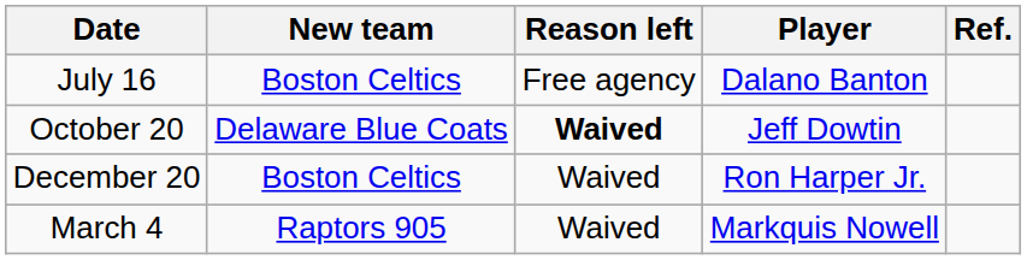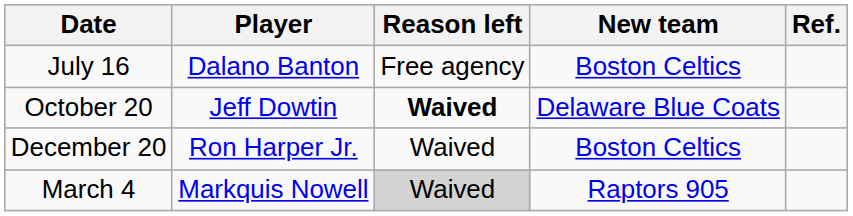 <table class="wikitable sortable sortable" style="text-align: center">
 <tr>
 <th>Date</th>
+<th>Player</th>
+<th>Reason left</th>
 <th>New team</th>
-<th>Reason left</th>
-<th>Player</th>
 <th>Ref.</th>
 </tr>
 <tr>
 <td>July 16</td>
+<td><a href='#'>Dalano Banton</a></td>
+<td>Free agency</td>
 <td><a href='#'>Boston Celtics</a></td>
-<td>Free agency</td>
-<td><a href='#'>Dalano Banton</a></td>
 <td></td>
 </tr>
 <tr>
 <td>October 20</td>
+<td><a href='#'>Jeff Dowtin</a></td>
+<td><strong>Waived</strong></td>
 <td><a href='#'>Delaware Blue Coats</a></td>
-<td><strong>Waived</strong></td>
-<td><a href='#'>Jeff Dowtin</a></td>
 <td></td>
 </tr>
 <tr>
 <td>December 20</td>
+<td><a href='#'>Ron Harper Jr.</a></td>
+<td>Waived</td>
 <td><a href='#'>Boston Celtics</a></td>
-<td>Waived</td>
-<td><a href='#'>Ron Harper Jr.</a></td>
 <td></td>
 </tr>
 <tr>
 <td>March 4</td>
+<td><a href='#'>Markquis Nowell</a></td>
+<td style="background: lightgrey;">Waived</td>
 <td><a href='#'>Raptors 905</a></td>
-<td>Waived</td>
-<td><a href='#'>Markquis Nowell</a></td>
 <td></td>
 </tr>
 </table>
